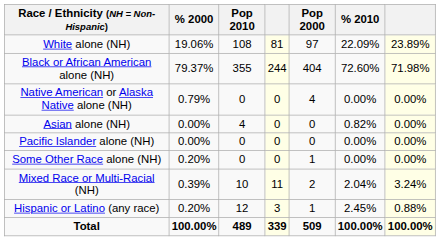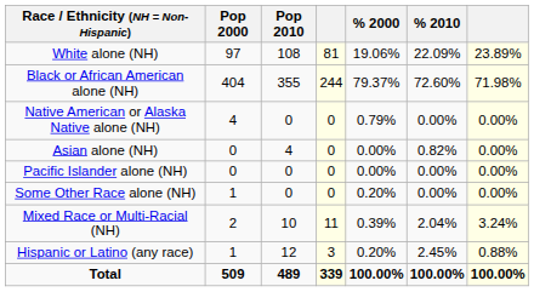 <table class="wikitable" style="text-align:center;">
 <tr>
 <th>Race / Ethnicity <small>(<em>NH = Non-Hispanic</em>)</small></th>
-<th>% 2000</th>
+<th>Pop 2000</th>
 <th>Pop 2010</th>
 <th></th>
-<th>Pop 2000</th>
+<th>% 2000</th>
 <th>% 2010</th>
 <th></th>
 </tr>
 <tr>
 <td><a href='#'>White</a> alone (NH)</td>
-<td>19.06%</td>
+<td>97</td>
 <td>108</td>
 <td style='background: #ffffe6;'>81</td>
-<td>97</td>
+<td>19.06%</td>
 <td>22.09%</td>
 <td style='background: #ffffe6;'>23.89%</td>
 </tr>
 <tr>
 <td><a href='#'>Black or African American</a> alone (NH)</td>
-<td>79.37%</td>
+<td>404</td>
 <td>355</td>
 <td style='background: #ffffe6;'>244</td>
-<td>404</td>
+<td>79.37%</td>
 <td>72.60%</td>
 <td style='background: #ffffe6;'>71.98%</td>
 </tr>
 <tr>
 <td><a href='#'>Native American</a> or <a href='#'>Alaska Native</a> alone (NH)</td>
-<td>0.79%</td>
+<td>4</td>
 <td>0</td>
 <td style='background: #ffffe6;'>0</td>
-<td>4</td>
+<td>0.79%</td>
 <td>0.00%</td>
 <td style='background: #ffffe6;'>0.00%</td>
 </tr>
 <tr>
 <td><a href='#'>Asian</a> alone (NH)</td>
-<td>0.00%</td>
+<td>0</td>
 <td>4</td>
 <td style='background: #ffffe6;'>0</td>
-<td>0</td>
+<td>0.00%</td>
 <td>0.82%</td>
 <td style='background: #ffffe6;'>0.00%</td>
 </tr>
 <tr>
 <td><a href='#'>Pacific Islander</a> alone (NH)</td>
-<td>0.00%</td>
+<td>0</td>
 <td>0</td>
 <td style='background: #ffffe6;'>0</td>
-<td>0</td>
+<td>0.00%</td>
 <td>0.00%</td>
 <td style='background: #ffffe6;'>0.00%</td>
 </tr>
 <tr>
 <td><a href='#'>Some Other Race</a> alone (NH)</td>
-<td>0.20%</td>
+<td>1</td>
 <td>0</td>
 <td style='background: #ffffe6;'>0</td>
-<td>1</td>
+<td>0.20%</td>
 <td>0.00%</td>
 <td style='background: #ffffe6;'>0.00%</td>
 </tr>
 <tr>
 <td><a href='#'>Mixed Race or Multi-Racial</a> (NH)</td>
-<td>0.39%</td>
+<td>2</td>
 <td>10</td>
 <td style='background: #ffffe6;'>11</td>
-<td>2</td>
+<td>0.39%</td>
 <td>2.04%</td>
 <td style='background: #ffffe6;'>3.24%</td>
 </tr>
 <tr>
 <td><a href='#'>Hispanic or Latino</a> (any race)</td>
-<td>0.20%</td>
+<td>1</td>
 <td>12</td>
 <td style='background: #ffffe6;'>3</td>
-<td>1</td>
+<td>0.20%</td>
 <td>2.45%</td>
 <td style='background: #ffffe6;'>0.88%</td>
 </tr>
 <tr>
 <td><strong>Total</strong></td>
-<td><strong>100.00%</strong></td>
+<td><strong>509</strong></td>
 <td><strong>489</strong></td>
 <td style='background: #ffffe6;'><strong>339</strong></td>
-<td><strong>509</strong></td>
+<td><strong>100.00%</strong></td>
 <td><strong>100.00%</strong></td>
 <td style='background: #ffffe6;'><strong>100.00%</strong></td>
 </tr>
 </table>
